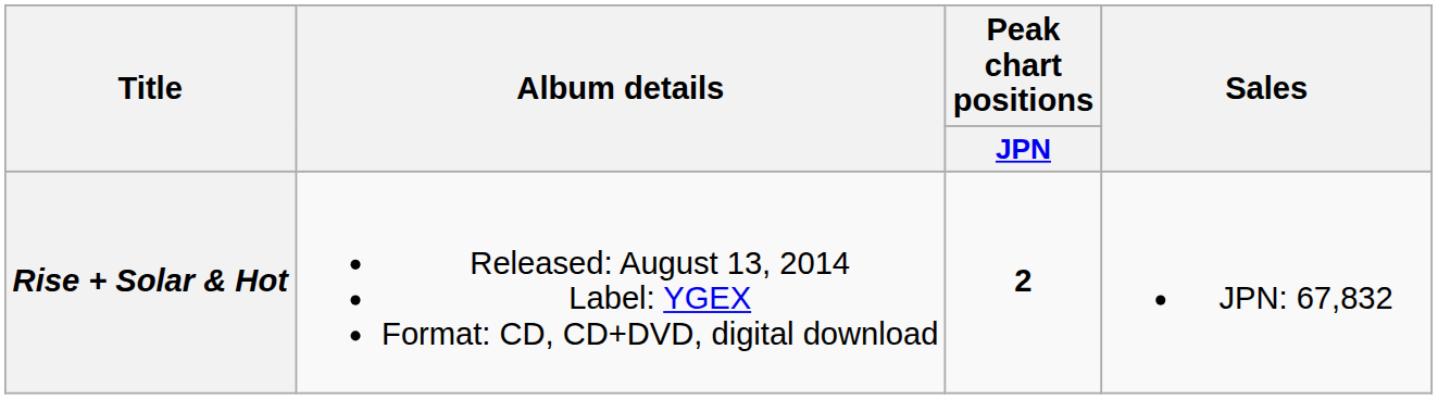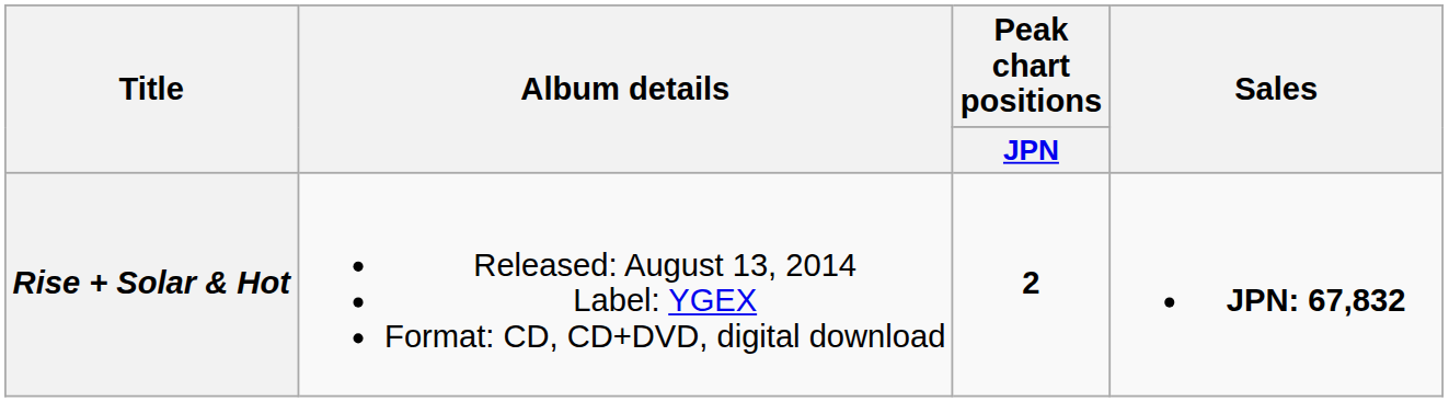 <table class="wikitable plainrowheaders" style="text-align:center;">
 <tr>
 <th rowspan="2">Title</th>
 <th rowspan="2">Album details</th>
 <th>Peak chart positions</th>
 <th rowspan="2" style="width:10em;">Sales</th>
 </tr>
 <tr>
 <th scope="col" style="width:3em;font-size:90%;"><a href='#'>JPN</a><br></th>
 </tr>
 <tr>
 <th scope="row"><em>Rise + Solar & Hot</em></th>
 <td><br><ul><li>Released: August 13, 2014</li><li>Label: <a href='#'>YGEX</a></li><li>Format: CD, CD+DVD, digital download</li></ul></td>
 <td><strong>2</strong></td>
-<td><br><ul><li>JPN: 67,832</li></ul></td>
+<td><strong><br><ul><li>JPN: 67,832</li></ul></strong></td>
 </tr>
 </table>
